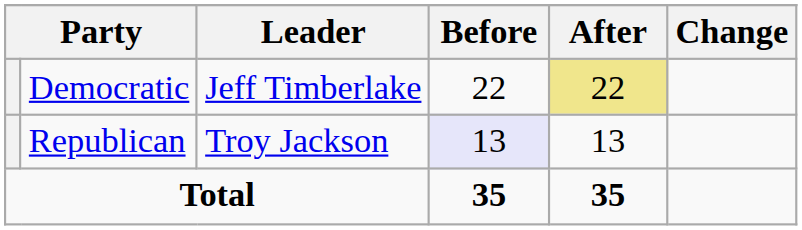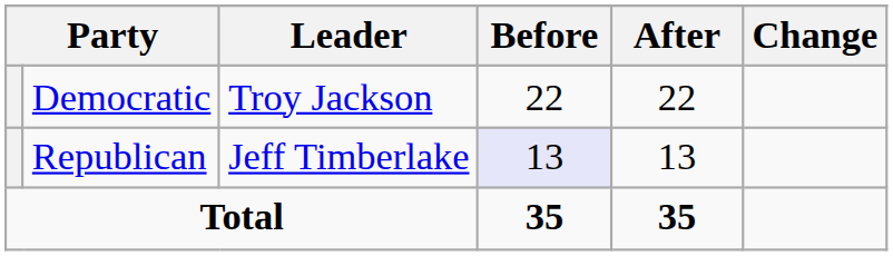 <table class="wikitable" style="text-align:center;">
 <tr>
 </tr>
 <tr>
 <th colspan=2>Party</th>
 <th>Leader</th>
 <th style="width:3em">Before</th>
 <th style="width:3em">After</th>
 <th style="width:3em">Change</th>
 </tr>
 <tr>
 <th style="background-color:"></th>
 <td style="text-align:left;"><a href='#'>Democratic</a></td>
-<td style="text-align:left;"><a href='#'>Jeff Timberlake</a></td>
+<td style="text-align:left;"><a href='#'>Troy Jackson</a></td>
 <td>22</td>
-<td style="background: khaki;">22</td>
+<td>22</td>
 <td></td>
 </tr>
 <tr>
 <th style="background-color:"></th>
 <td style="text-align:left;"><a href='#'>Republican</a></td>
-<td style="text-align:left;"><a href='#'>Troy Jackson</a></td>
+<td style="text-align:left;"><a href='#'>Jeff Timberlake</a></td>
 <td style="background: lavender;">13</td>
 <td>13</td>
 <td></td>
 </tr>
 <tr>
 <td colspan=3><strong>Total</strong></td>
 <td><strong>35</strong></td>
 <td><strong>35</strong></td>
 <td></td>
 </tr>
 </table>
